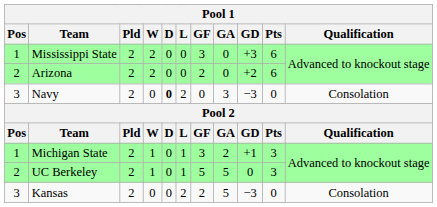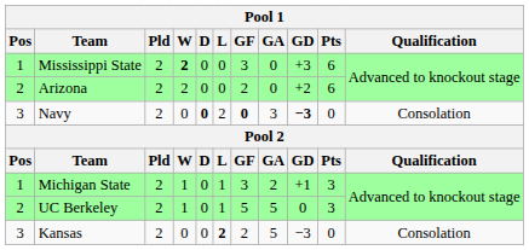 <table class="wikitable" style="text-align:center">
 <tr>
 <th colspan="11">Pool 1</th>
 </tr>
 <tr>
 <th>Pos</th>
 <th>Team</th>
 <th>Pld</th>
 <th>W</th>
 <th>D</th>
 <th>L</th>
 <th>GF</th>
 <th>GA</th>
 <th>GD</th>
 <th>Pts</th>
 <th>Qualification</th>
 </tr>
 <tr bgcolor="#9eff9e">
 <td>1</td>
 <td style="text-align:left">Mississippi State</td>
 <td>2</td>
-<td>2</td>
+<td><strong>2</strong></td>
 <td>0</td>
 <td>0</td>
 <td>3</td>
 <td>0</td>
 <td>+3</td>
 <td>6</td>
 <td rowspan="2">Advanced to knockout stage</td>
 </tr>
 <tr bgcolor="#9eff9e">
 <td>2</td>
 <td style="text-align:left">Arizona</td>
 <td>2</td>
 <td>2</td>
 <td>0</td>
 <td>0</td>
 <td>2</td>
 <td>0</td>
 <td>+2</td>
 <td>6</td>
 </tr>
 <tr>
 <td>3</td>
 <td style="text-align:left">Navy</td>
 <td>2</td>
 <td>0</td>
 <td><strong>0</strong></td>
 <td>2</td>
-<td>0</td>
+<td><strong>0</strong></td>
 <td>3</td>
-<td>−3</td>
+<td><strong>−3</strong></td>
 <td>0</td>
 <td>Consolation</td>
 </tr>
 <tr>
 <th colspan="11">Pool 2</th>
 </tr>
 <tr>
 <th>Pos</th>
 <th>Team</th>
 <th>Pld</th>
 <th>W</th>
 <th>D</th>
 <th>L</th>
 <th>GF</th>
 <th>GA</th>
 <th>GD</th>
 <th>Pts</th>
 <th>Qualification</th>
 </tr>
 <tr bgcolor="#9eff9e">
 <td>1</td>
 <td style="text-align:left">Michigan State</td>
 <td>2</td>
 <td>1</td>
 <td>0</td>
 <td>1</td>
 <td>3</td>
 <td>2</td>
 <td>+1</td>
 <td>3</td>
 <td rowspan="2">Advanced to knockout stage</td>
 </tr>
 <tr bgcolor="#9eff9e">
 <td>2</td>
 <td style="text-align:left">UC Berkeley</td>
 <td>2</td>
 <td>1</td>
 <td>0</td>
 <td>1</td>
 <td>5</td>
 <td>5</td>
 <td>0</td>
 <td>3</td>
 </tr>
 <tr>
 <td>3</td>
 <td style="text-align:left">Kansas</td>
 <td>2</td>
 <td>0</td>
 <td>0</td>
-<td>2</td>
+<td><strong>2</strong></td>
 <td>2</td>
 <td>5</td>
 <td>−3</td>
 <td>0</td>
 <td>Consolation</td>
 </tr>
 </table>
